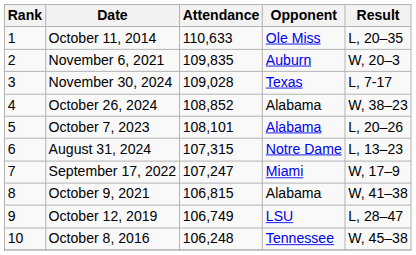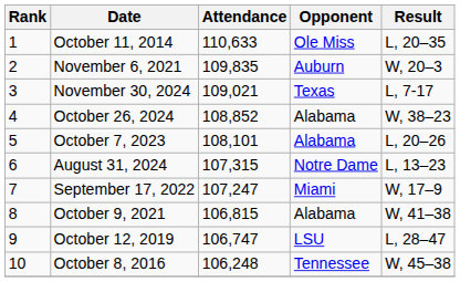 <table class=wikitable>
 <tr>
 <th>Rank</th>
 <th>Date</th>
 <th>Attendance</th>
 <th>Opponent</th>
 <th>Result</th>
 </tr>
 <tr>
 <td>1</td>
 <td>October 11, 2014</td>
 <td>110,633</td>
 <td><a href='#'>Ole Miss</a></td>
 <td>L, 20–35</td>
 </tr>
 <tr>
 <td>2</td>
 <td>November 6, 2021</td>
 <td>109,835</td>
 <td><a href='#'>Auburn</a></td>
 <td>W, 20–3</td>
 </tr>
 <tr>
 <td>3</td>
 <td>November 30, 2024</td>
-<td>109,028</td>
+<td>109,021</td>
 <td><a href='#'>Texas</a></td>
 <td>L, 7-17</td>
 </tr>
 <tr>
 <td>4</td>
 <td>October 26, 2024</td>
 <td>108,852</td>
 <td>Alabama</td>
 <td>W, 38–23</td>
 </tr>
 <tr>
 <td>5</td>
 <td>October 7, 2023</td>
 <td>108,101</td>
 <td><a href='#'>Alabama</a></td>
 <td>L, 20–26</td>
 </tr>
 <tr>
 <td>6</td>
 <td>August 31, 2024</td>
 <td>107,315</td>
 <td><a href='#'>Notre Dame</a></td>
 <td>L, 13–23</td>
 </tr>
 <tr>
 <td>7</td>
 <td>September 17, 2022</td>
 <td>107,247</td>
 <td><a href='#'>Miami</a></td>
 <td>W, 17–9</td>
 </tr>
 <tr>
 <td>8</td>
 <td>October 9, 2021</td>
 <td>106,815</td>
 <td>Alabama</td>
 <td>W, 41–38</td>
 </tr>
 <tr>
 <td>9</td>
 <td>October 12, 2019</td>
-<td>106,749</td>
+<td>106,747</td>
 <td><a href='#'>LSU</a></td>
 <td>L, 28–47</td>
 </tr>
 <tr>
 <td>10</td>
 <td>October 8, 2016</td>
 <td>106,248</td>
 <td><a href='#'>Tennessee</a></td>
 <td>W, 45–38</td>
 </tr>
 <tr>
 </tr>
 </table>
